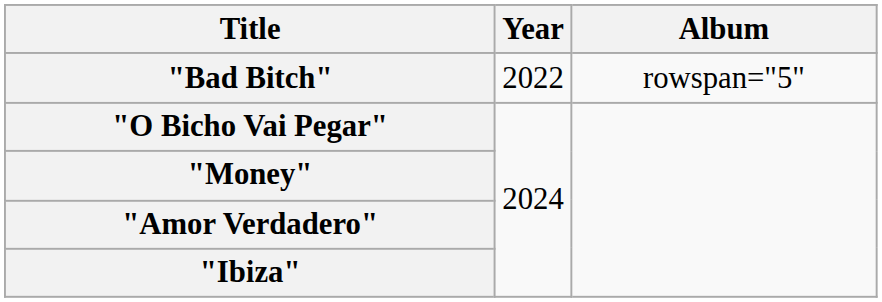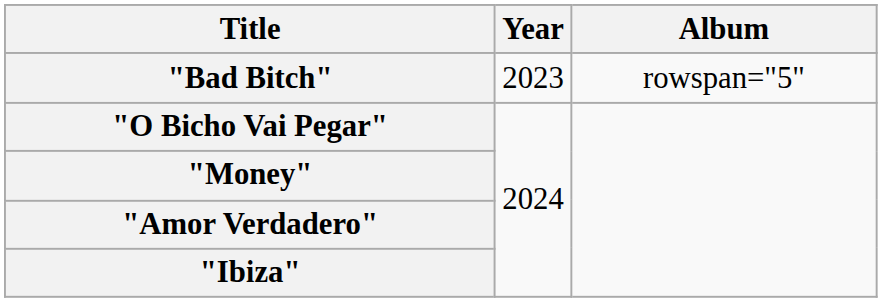 <table class="wikitable plainrowheaders" style="text-align:center;">
 <tr>
 <th scope="col" style="width:15.5em;">Title</th>
 <th scope="col" style="width:1em;">Year</th>
 <th scope="col" style="width:9.5em;">Album</th>
 </tr>
 <tr>
 <th scope="row">"Bad Bitch"</th>
-<td>2022</td>
+<td>2023</td>
 <td>rowspan="5" </td>
 </tr>
 <tr>
 <th scope="row">"O Bicho Vai Pegar"</th>
 <td rowspan="4">2024</td>
 </tr>
 <tr>
 <th scope="row">"Money"</th>
 </tr>
 <tr>
 <th scope="row">"Amor Verdadero"<br></th>
 </tr>
 <tr>
 <th scope="row">"Ibiza"</th>
 </tr>
 </table>
